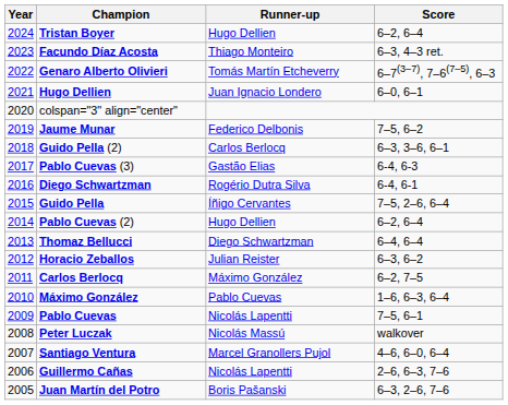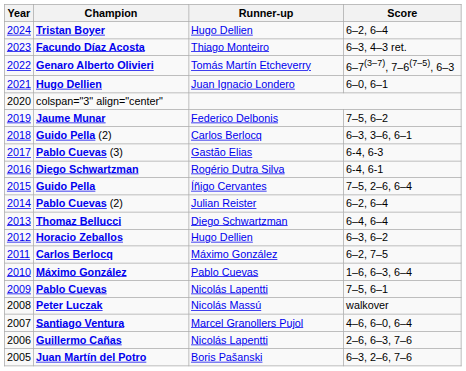 <table class="wikitable" style="font-size:90%">
 <tr>
 <th>Year</th>
 <th width="200">Champion</th>
 <th width="200">Runner-up</th>
 <th width="150">Score</th>
 </tr>
 <tr>
 <td><a href='#'>2024</a></td>
 <td> <strong><a href='#'>Tristan Boyer</a></strong></td>
 <td> <a href='#'>Hugo Dellien</a></td>
 <td>6–2, 6–4</td>
 </tr>
 <tr>
 <td><a href='#'>2023</a></td>
 <td> <strong><a href='#'>Facundo Díaz Acosta</a></strong></td>
 <td> <a href='#'>Thiago Monteiro</a></td>
 <td>6–3, 4–3 ret.</td>
 </tr>
 <tr>
 <td><a href='#'>2022</a></td>
 <td> <strong><a href='#'>Genaro Alberto Olivieri</a></strong></td>
 <td> <a href='#'>Tomás Martín Etcheverry</a></td>
 <td>6–7<sup>(3–7)</sup>, 7–6<sup>(7–5)</sup>, 6–3</td>
 </tr>
 <tr>
 <td><a href='#'>2021</a></td>
 <td> <strong><a href='#'>Hugo Dellien</a></strong></td>
 <td> <a href='#'>Juan Ignacio Londero</a></td>
 <td>6–0, 6–1</td>
 </tr>
 <tr>
 <td>2020</td>
 <td>colspan="3" align="center" </td>
 </tr>
 <tr>
 <td><a href='#'>2019</a></td>
 <td> <strong><a href='#'>Jaume Munar</a></strong></td>
 <td> <a href='#'>Federico Delbonis</a></td>
 <td>7–5, 6–2</td>
 </tr>
 <tr>
 <td><a href='#'>2018</a></td>
 <td> <strong><a href='#'>Guido Pella</a></strong> (2)</td>
 <td> <a href='#'>Carlos Berlocq</a></td>
 <td>6–3, 3–6, 6–1</td>
 </tr>
 <tr>
 <td><a href='#'>2017</a></td>
 <td> <strong><a href='#'>Pablo Cuevas</a></strong> (3)</td>
 <td> <a href='#'>Gastão Elias</a></td>
 <td>6-4, 6-3</td>
 </tr>
 <tr>
 <td><a href='#'>2016</a></td>
 <td> <strong><a href='#'>Diego Schwartzman</a></strong></td>
 <td> <a href='#'>Rogério Dutra Silva</a></td>
 <td>6-4, 6-1</td>
 </tr>
 <tr>
 <td><a href='#'>2015</a></td>
 <td> <strong><a href='#'>Guido Pella</a></strong></td>
 <td> <a href='#'>Íñigo Cervantes</a></td>
 <td>7–5, 2–6, 6–4</td>
 </tr>
 <tr>
 <td><a href='#'>2014</a></td>
 <td> <strong><a href='#'>Pablo Cuevas</a></strong> (2)</td>
-<td> <a href='#'>Hugo Dellien</a></td>
+<td> <a href='#'>Julian Reister</a></td>
 <td>6–2, 6–4</td>
 </tr>
 <tr>
 <td><a href='#'>2013</a></td>
 <td> <strong><a href='#'>Thomaz Bellucci</a></strong></td>
 <td> <a href='#'>Diego Schwartzman</a></td>
 <td>6–4, 6–4</td>
 </tr>
 <tr>
 <td><a href='#'>2012</a></td>
 <td> <strong><a href='#'>Horacio Zeballos</a></strong></td>
-<td> <a href='#'>Julian Reister</a></td>
+<td> <a href='#'>Hugo Dellien</a></td>
 <td>6–3, 6–2</td>
 </tr>
 <tr>
 <td><a href='#'>2011</a></td>
 <td> <strong><a href='#'>Carlos Berlocq</a></strong></td>
 <td> <a href='#'>Máximo González</a></td>
 <td>6–2, 7–5</td>
 </tr>
 <tr>
 <td><a href='#'>2010</a></td>
 <td> <strong><a href='#'>Máximo González</a></strong></td>
 <td> <a href='#'>Pablo Cuevas</a></td>
 <td>1–6, 6–3, 6–4</td>
 </tr>
 <tr>
 <td><a href='#'>2009</a></td>
 <td> <strong><a href='#'>Pablo Cuevas</a></strong></td>
 <td> <a href='#'>Nicolás Lapentti</a></td>
 <td>7–5, 6–1</td>
 </tr>
 <tr>
 <td>2008</td>
 <td> <strong><a href='#'>Peter Luczak</a></strong></td>
 <td> <a href='#'>Nicolás Massú</a></td>
 <td>walkover</td>
 </tr>
 <tr>
 <td>2007</td>
 <td> <strong><a href='#'>Santiago Ventura</a></strong></td>
 <td> <a href='#'>Marcel Granollers Pujol</a></td>
 <td>4–6, 6–0, 6–4</td>
 </tr>
 <tr>
 <td>2006</td>
 <td> <strong><a href='#'>Guillermo Cañas</a></strong></td>
 <td> <a href='#'>Nicolás Lapentti</a></td>
 <td>2–6, 6–3, 7–6</td>
 </tr>
 <tr>
 <td>2005</td>
 <td> <strong><a href='#'>Juan Martín del Potro</a></strong></td>
 <td> <a href='#'>Boris Pašanski</a></td>
 <td>6–3, 2–6, 7–6</td>
 </tr>
 </table>
